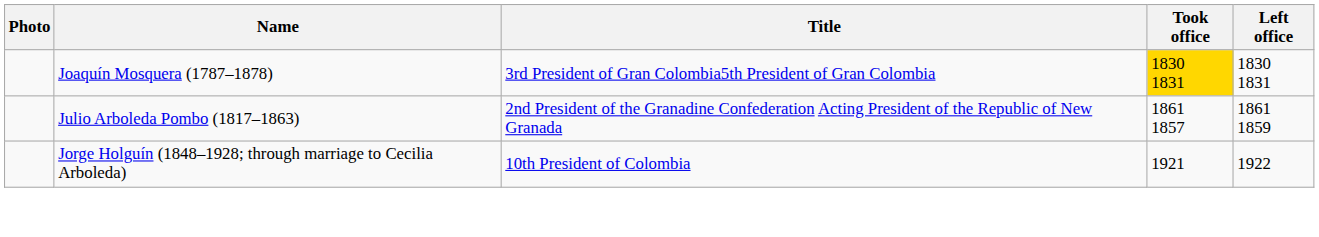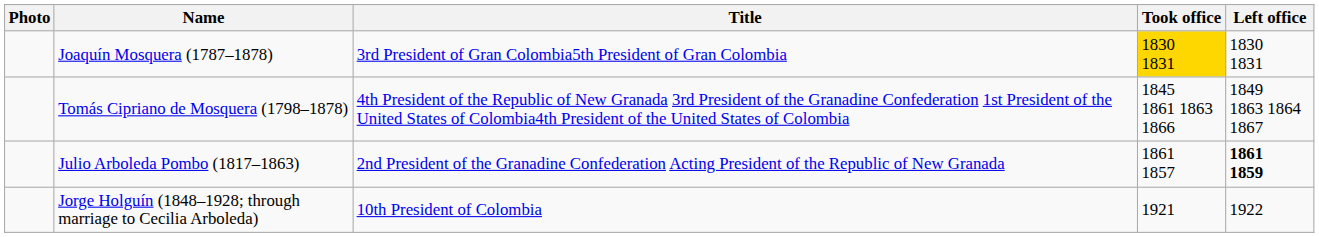 <table class="wikitable">
 <tr>
 <th>Photo</th>
 <th>Name</th>
 <th>Title</th>
 <th>Took office</th>
 <th>Left office</th>
 </tr>
 <tr>
 <td></td>
 <td><a href='#'>Joaquín Mosquera</a> (1787–1878)</td>
 <td><a href='#'>3rd President of Gran Colombia5th President of Gran Colombia</a></td>
 <td style="background: gold;">1830<br>1831</td>
 <td>1830<br>1831</td>
 </tr>
 <tr>
 <td></td>
+<td><a href='#'>Tomás Cipriano de Mosquera</a> (1798–1878)</td>
+<td><a href='#'>4th President of the Republic of New Granada</a> <a href='#'>3rd President of the Granadine Confederation</a> <a href='#'>1st President of the United States of Colombia4th President of the United States of Colombia</a></td>
+<td>1845<br>1861 1863 1866</td>
+<td>1849<br>1863 1864 1867</td>
+</tr>
+<tr>
+<td></td>
 <td><a href='#'>Julio Arboleda Pombo</a> (1817–1863)</td>
 <td><a href='#'>2nd President of the Granadine Confederation</a> <a href='#'>Acting President of the Republic of New Granada</a></td>
 <td>1861<br>1857</td>
-<td>1861<br>1859</td>
+<td><strong>1861<br>1859</strong></td>
 </tr>
 <tr>
 <td></td>
 <td><a href='#'>Jorge Holguín</a> (1848–1928; through marriage to Cecilia Arboleda)</td>
 <td><a href='#'>10th President of Colombia</a></td>
 <td>1921</td>
 <td>1922</td>
 </tr>
 </table>
